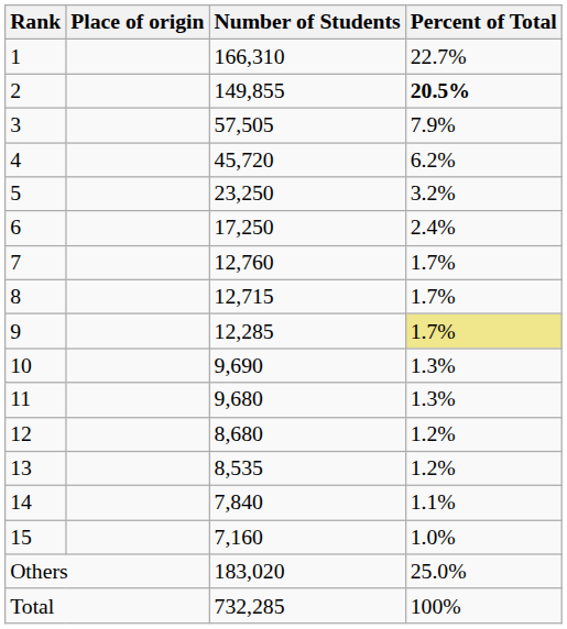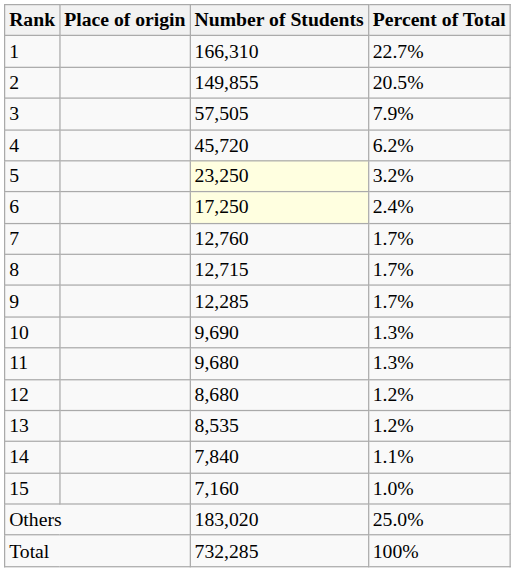 <table class="wikitable sortable">
 <tr>
 <th>Rank</th>
 <th>Place of origin</th>
 <th>Number of Students</th>
 <th>Percent of Total</th>
 </tr>
 <tr>
 <td>1</td>
 <td></td>
 <td>166,310</td>
 <td>22.7%</td>
 </tr>
 <tr>
 <td>2</td>
 <td></td>
 <td>149,855</td>
-<td><strong>20.5%</strong></td>
+<td>20.5%</td>
 </tr>
 <tr>
 <td>3</td>
 <td></td>
 <td>57,505</td>
 <td>7.9%</td>
 </tr>
 <tr>
 <td>4</td>
 <td></td>
 <td>45,720</td>
 <td>6.2%</td>
 </tr>
 <tr>
 <td>5</td>
 <td></td>
-<td>23,250</td>
+<td style="background: lightyellow;">23,250</td>
 <td>3.2%</td>
 </tr>
 <tr>
 <td>6</td>
 <td></td>
-<td>17,250</td>
+<td style="background: lightyellow;">17,250</td>
 <td>2.4%</td>
 </tr>
 <tr>
 <td>7</td>
 <td></td>
 <td>12,760</td>
 <td>1.7%</td>
 </tr>
 <tr>
 <td>8</td>
 <td></td>
 <td>12,715</td>
 <td>1.7%</td>
 </tr>
 <tr>
 <td>9</td>
 <td></td>
 <td>12,285</td>
-<td style="background: khaki;">1.7%</td>
+<td>1.7%</td>
 </tr>
 <tr>
 <td>10</td>
 <td></td>
 <td>9,690</td>
 <td>1.3%</td>
 </tr>
 <tr>
 <td>11</td>
 <td></td>
 <td>9,680</td>
 <td>1.3%</td>
 </tr>
 <tr>
 <td>12</td>
 <td></td>
 <td>8,680</td>
 <td>1.2%</td>
 </tr>
 <tr>
 <td>13</td>
 <td></td>
 <td>8,535</td>
 <td>1.2%</td>
 </tr>
 <tr>
 <td>14</td>
 <td></td>
 <td>7,840</td>
 <td>1.1%</td>
 </tr>
 <tr>
 <td>15</td>
 <td></td>
 <td>7,160</td>
 <td>1.0%</td>
 </tr>
 <tr>
 <td colspan="2">Others</td>
 <td>183,020</td>
 <td>25.0%</td>
 </tr>
 <tr>
 <td colspan="2">Total</td>
 <td>732,285</td>
 <td>100%</td>
 </tr>
 </table>
